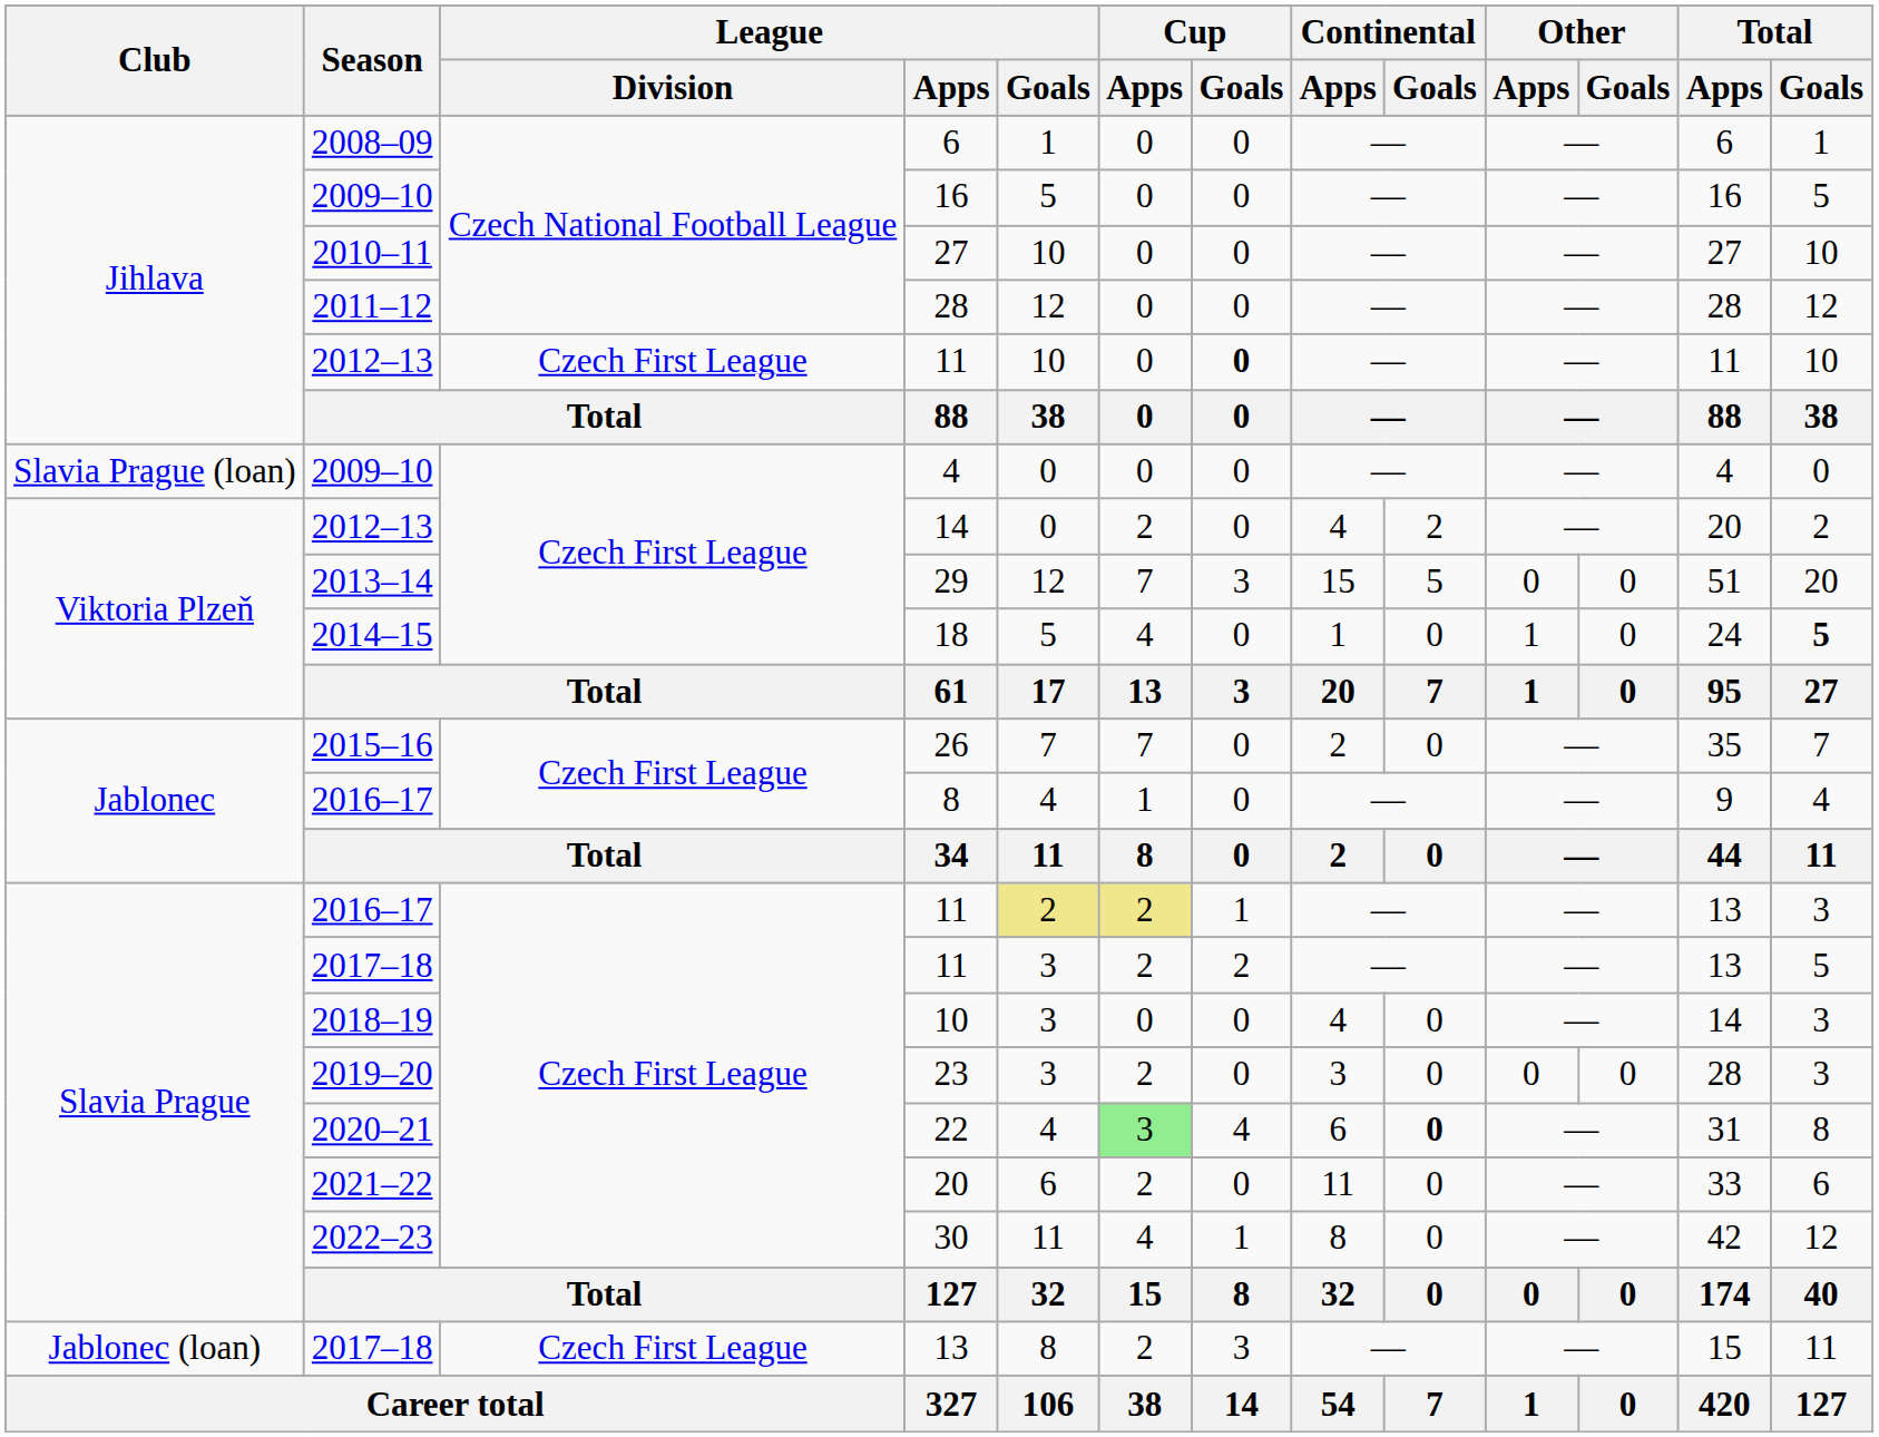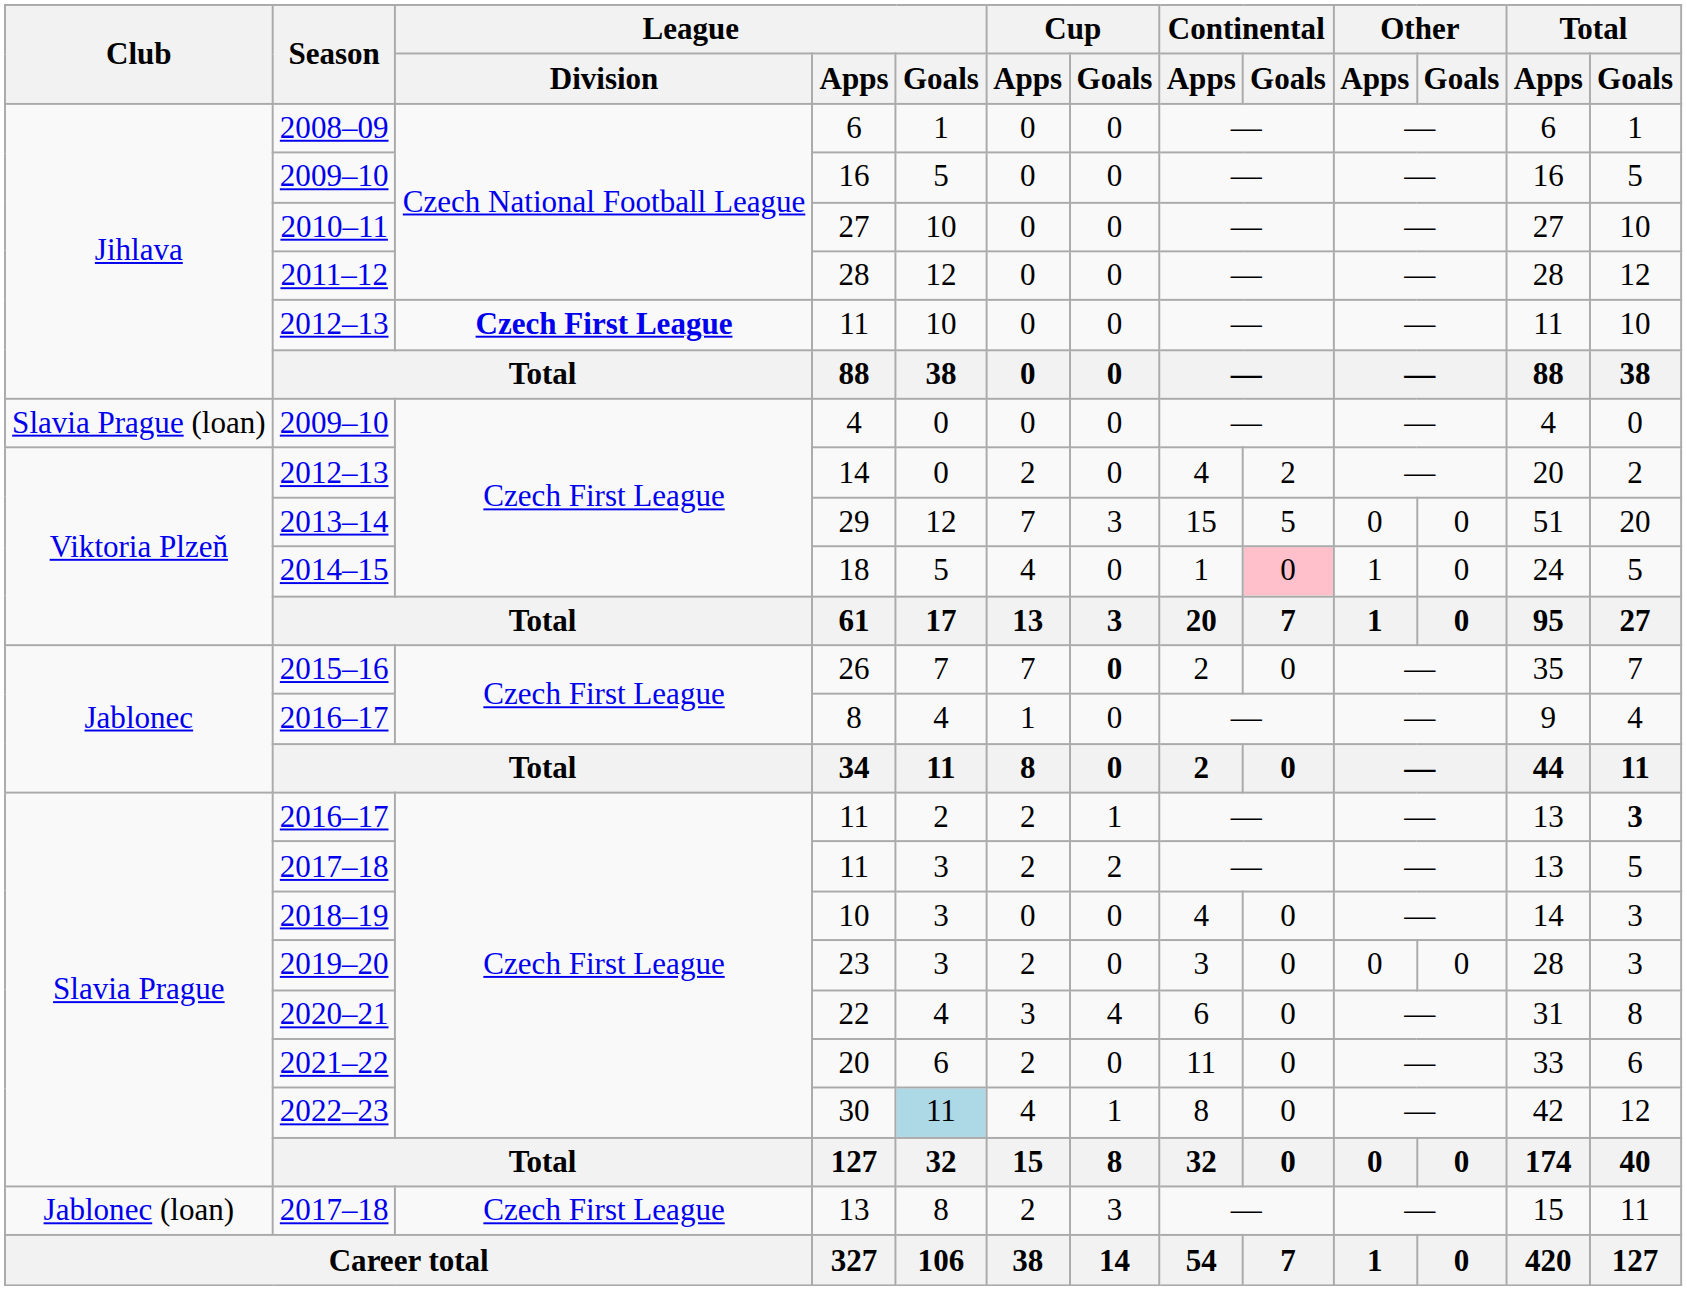 <table class="wikitable" style="text-align:center">
 <tr>
 <th rowspan="2">Club</th>
 <th rowspan="2">Season</th>
 <th colspan="3">League</th>
 <th colspan="2">Cup</th>
 <th colspan="2">Continental</th>
 <th colspan="2">Other</th>
 <th colspan="2">Total</th>
 </tr>
 <tr>
 <th>Division</th>
 <th>Apps</th>
 <th>Goals</th>
 <th>Apps</th>
 <th>Goals</th>
 <th>Apps</th>
 <th>Goals</th>
 <th>Apps</th>
 <th>Goals</th>
 <th>Apps</th>
 <th>Goals</th>
 </tr>
 <tr>
 <td rowspan="6"><a href='#'>Jihlava</a></td>
 <td><a href='#'>2008–09</a></td>
 <td rowspan="4"><a href='#'>Czech National Football League</a></td>
 <td>6</td>
 <td>1</td>
 <td>0</td>
 <td>0</td>
 <td colspan="2">—</td>
 <td colspan="2">—</td>
 <td>6</td>
 <td>1</td>
 </tr>
 <tr>
 <td><a href='#'>2009–10</a></td>
 <td>16</td>
 <td>5</td>
 <td>0</td>
 <td>0</td>
 <td colspan="2">—</td>
 <td colspan="2">—</td>
 <td>16</td>
 <td>5</td>
 </tr>
 <tr>
 <td><a href='#'>2010–11</a></td>
 <td>27</td>
 <td>10</td>
 <td>0</td>
 <td>0</td>
 <td colspan="2">—</td>
 <td colspan="2">—</td>
 <td>27</td>
 <td>10</td>
 </tr>
 <tr>
 <td><a href='#'>2011–12</a></td>
 <td>28</td>
 <td>12</td>
 <td>0</td>
 <td>0</td>
 <td colspan="2">—</td>
 <td colspan="2">—</td>
 <td>28</td>
 <td>12</td>
 </tr>
 <tr>
 <td><a href='#'>2012–13</a></td>
-<td><a href='#'>Czech First League</a></td>
+<td><strong><a href='#'>Czech First League</a></strong></td>
 <td>11</td>
 <td>10</td>
 <td>0</td>
-<td><strong>0</strong></td>
+<td>0</td>
 <td colspan="2">—</td>
 <td colspan="2">—</td>
 <td>11</td>
 <td>10</td>
 </tr>
 <tr>
 <th colspan="2">Total</th>
 <th>88</th>
 <th>38</th>
 <th>0</th>
 <th>0</th>
 <th colspan="2">—</th>
 <th colspan="2">—</th>
 <th>88</th>
 <th>38</th>
 </tr>
 <tr>
 <td><a href='#'>Slavia Prague</a> (loan)</td>
 <td><a href='#'>2009–10</a></td>
 <td rowspan="4"><a href='#'>Czech First League</a></td>
 <td>4</td>
 <td>0</td>
 <td>0</td>
 <td>0</td>
 <td colspan="2">—</td>
 <td colspan="2">—</td>
 <td>4</td>
 <td>0</td>
 </tr>
 <tr>
 <td rowspan="4"><a href='#'>Viktoria Plzeň</a></td>
 <td><a href='#'>2012–13</a></td>
 <td>14</td>
 <td>0</td>
 <td>2</td>
 <td>0</td>
 <td>4</td>
 <td>2</td>
 <td colspan="2">—</td>
 <td>20</td>
 <td>2</td>
 </tr>
 <tr>
 <td><a href='#'>2013–14</a></td>
 <td>29</td>
 <td>12</td>
 <td>7</td>
 <td>3</td>
 <td>15</td>
 <td>5</td>
 <td>0</td>
 <td>0</td>
 <td>51</td>
 <td>20</td>
 </tr>
 <tr>
 <td><a href='#'>2014–15</a></td>
 <td>18</td>
 <td>5</td>
 <td>4</td>
 <td>0</td>
 <td>1</td>
-<td>0</td>
+<td style="background: pink;">0</td>
 <td>1</td>
 <td>0</td>
 <td>24</td>
-<td><strong>5</strong></td>
+<td>5</td>
 </tr>
 <tr>
 <th colspan="2">Total</th>
 <th>61</th>
 <th>17</th>
 <th>13</th>
 <th>3</th>
 <th>20</th>
 <th>7</th>
 <th>1</th>
 <th>0</th>
 <th>95</th>
 <th>27</th>
 </tr>
 <tr>
 <td rowspan="3"><a href='#'>Jablonec</a></td>
 <td><a href='#'>2015–16</a></td>
 <td rowspan="2"><a href='#'>Czech First League</a></td>
 <td>26</td>
 <td>7</td>
 <td>7</td>
-<td>0</td>
+<td><strong>0</strong></td>
 <td>2</td>
 <td>0</td>
 <td colspan="2">—</td>
 <td>35</td>
 <td>7</td>
 </tr>
 <tr>
 <td><a href='#'>2016–17</a></td>
 <td>8</td>
 <td>4</td>
 <td>1</td>
 <td>0</td>
 <td colspan="2">—</td>
 <td colspan="2">—</td>
 <td>9</td>
 <td>4</td>
 </tr>
 <tr>
 <th colspan="2">Total</th>
 <th>34</th>
 <th>11</th>
 <th>8</th>
 <th>0</th>
 <th>2</th>
 <th>0</th>
 <th colspan="2">—</th>
 <th>44</th>
 <th>11</th>
 </tr>
 <tr>
 <td rowspan="8"><a href='#'>Slavia Prague</a></td>
 <td><a href='#'>2016–17</a></td>
 <td rowspan="7"><a href='#'>Czech First League</a></td>
 <td>11</td>
-<td style="background: khaki;">2</td>
-<td style="background: khaki;">2</td>
+<td>2</td>
+<td>2</td>
 <td>1</td>
 <td colspan="2">—</td>
 <td colspan="2">—</td>
 <td>13</td>
-<td>3</td>
+<td><strong>3</strong></td>
 </tr>
 <tr>
 <td><a href='#'>2017–18</a></td>
 <td>11</td>
 <td>3</td>
 <td>2</td>
 <td>2</td>
 <td colspan="2">—</td>
 <td colspan="2">—</td>
 <td>13</td>
 <td>5</td>
 </tr>
 <tr>
 <td><a href='#'>2018–19</a></td>
 <td>10</td>
 <td>3</td>
 <td>0</td>
 <td>0</td>
 <td>4</td>
 <td>0</td>
 <td colspan="2">—</td>
 <td>14</td>
 <td>3</td>
 </tr>
 <tr>
 <td><a href='#'>2019–20</a></td>
 <td>23</td>
 <td>3</td>
 <td>2</td>
 <td>0</td>
 <td>3</td>
 <td>0</td>
 <td>0</td>
 <td>0</td>
 <td>28</td>
 <td>3</td>
 </tr>
 <tr>
 <td><a href='#'>2020–21</a></td>
 <td>22</td>
 <td>4</td>
-<td style="background: lightgreen;">3</td>
+<td>3</td>
 <td>4</td>
 <td>6</td>
-<td><strong>0</strong></td>
+<td>0</td>
 <td colspan="2">—</td>
 <td>31</td>
 <td>8</td>
 </tr>
 <tr>
 <td><a href='#'>2021–22</a></td>
 <td>20</td>
 <td>6</td>
 <td>2</td>
 <td>0</td>
 <td>11</td>
 <td>0</td>
 <td colspan="2">—</td>
 <td>33</td>
 <td>6</td>
 </tr>
 <tr>
 <td><a href='#'>2022–23</a></td>
 <td>30</td>
-<td>11</td>
+<td style="background: lightblue;">11</td>
 <td>4</td>
 <td>1</td>
 <td>8</td>
 <td>0</td>
 <td colspan="2">—</td>
 <td>42</td>
 <td>12</td>
 </tr>
 <tr>
 <th colspan="2">Total</th>
 <th>127</th>
 <th>32</th>
 <th>15</th>
 <th>8</th>
 <th>32</th>
 <th>0</th>
 <th>0</th>
 <th>0</th>
 <th>174</th>
 <th>40</th>
 </tr>
 <tr>
 <td><a href='#'>Jablonec</a> (loan)</td>
 <td><a href='#'>2017–18</a></td>
 <td><a href='#'>Czech First League</a></td>
 <td>13</td>
 <td>8</td>
 <td>2</td>
 <td>3</td>
 <td colspan="2">—</td>
 <td colspan="2">—</td>
 <td>15</td>
 <td>11</td>
 </tr>
 <tr>
 <th colspan="3">Career total</th>
 <th>327</th>
 <th>106</th>
 <th>38</th>
 <th>14</th>
 <th>54</th>
 <th>7</th>
 <th>1</th>
 <th>0</th>
 <th>420</th>
 <th>127</th>
 </tr>
 </table>
